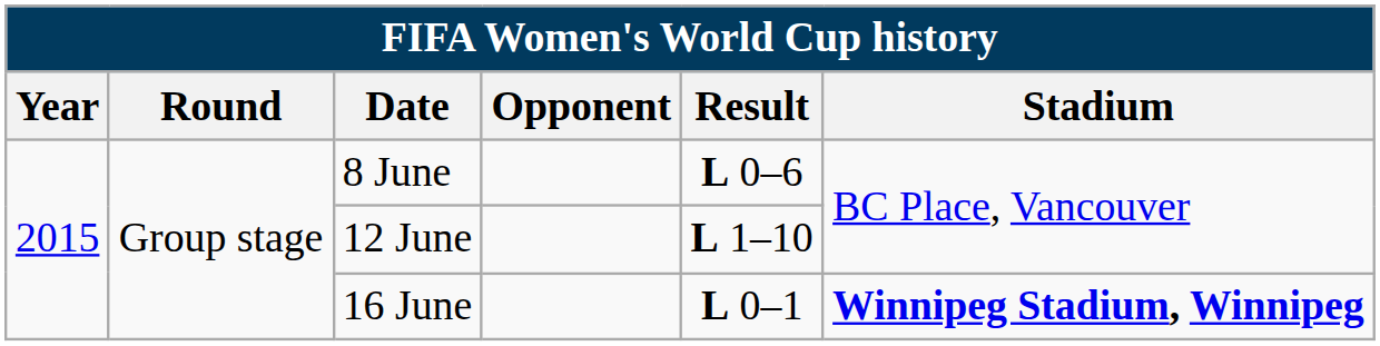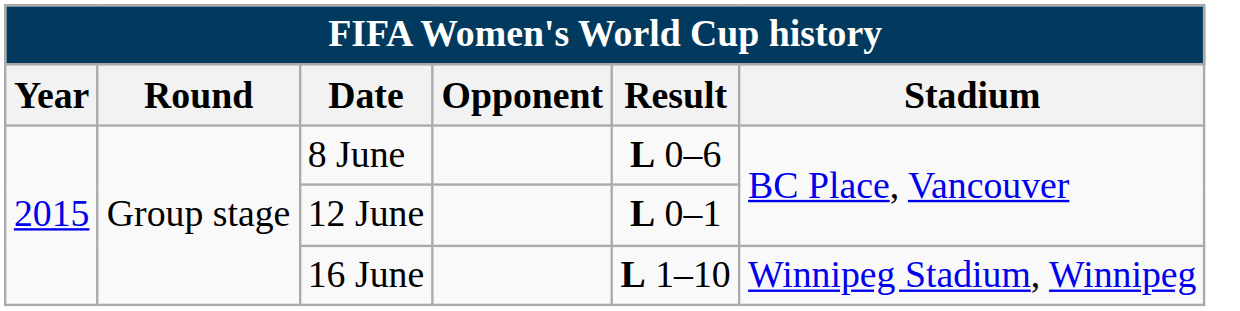 <table class="wikitable" style="text-align: center;font-size:100%;">
 <tr>
 <th colspan=6 style="background: #013A5E; color: #FFFFFF;">FIFA Women's World Cup history</th>
 </tr>
 <tr>
 <th>Year</th>
 <th>Round</th>
 <th>Date</th>
 <th>Opponent</th>
 <th>Result</th>
 <th>Stadium</th>
 </tr>
 <tr>
 <td rowspan=3> <a href='#'>2015</a></td>
 <td rowspan=3>Group stage</td>
 <td align="left">8 June</td>
 <td align="left"></td>
 <td><strong>L</strong> 0–6</td>
 <td rowspan=2 align="left"><a href='#'>BC Place</a>, <a href='#'>Vancouver</a></td>
 </tr>
 <tr>
 <td align="left">12 June</td>
 <td align="left"></td>
-<td><strong>L</strong> 1–10</td>
+<td><strong>L</strong> 0–1</td>
 </tr>
 <tr>
 <td align="left">16 June</td>
 <td align="left"></td>
-<td><strong>L</strong> 0–1</td>
-<td align="left"><strong><a href='#'>Winnipeg Stadium</a>, <a href='#'>Winnipeg</a></strong></td>
+<td><strong>L</strong> 1–10</td>
+<td align="left"><a href='#'>Winnipeg Stadium</a>, <a href='#'>Winnipeg</a></td>
 </tr>
 </table>
